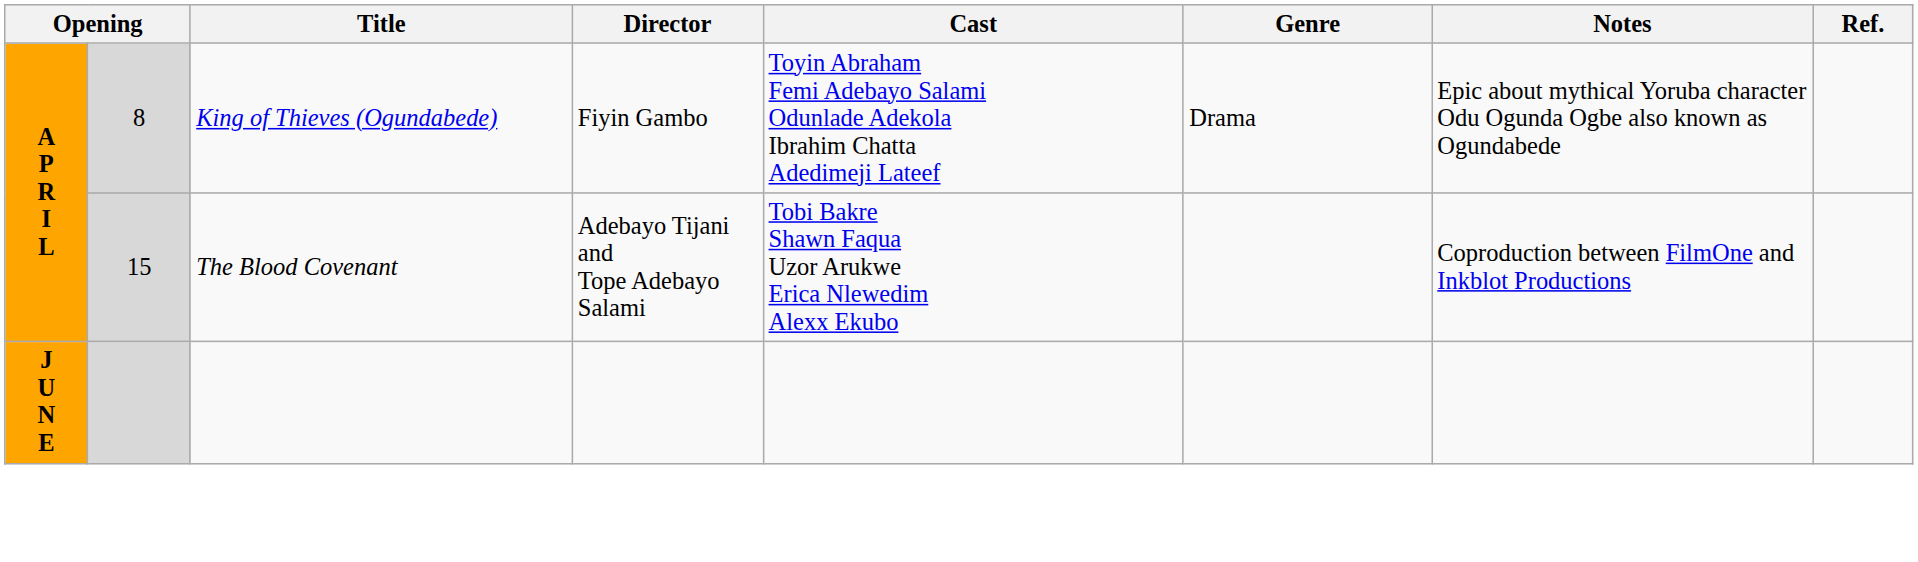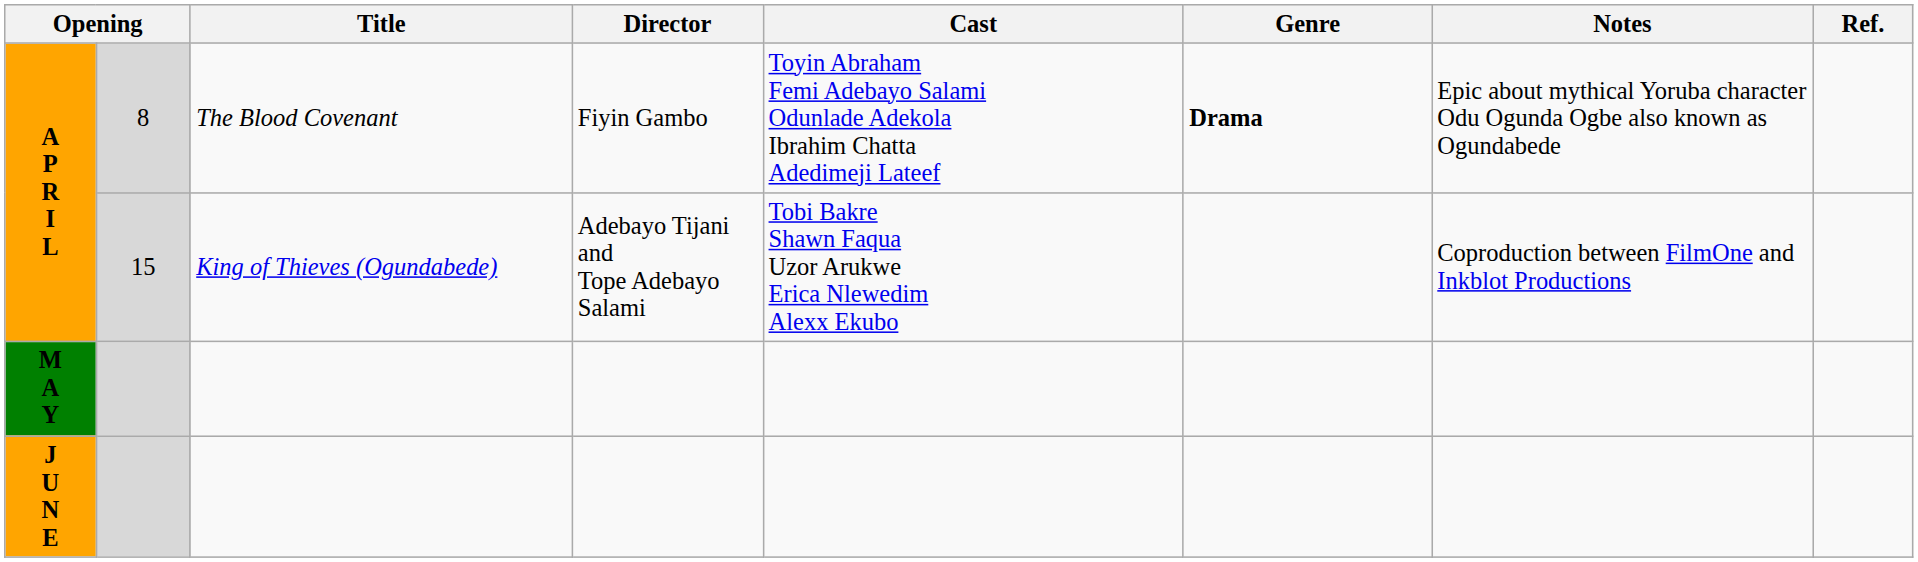 <table class="wikitable">
 <tr>
 <th colspan="2">Opening</th>
 <th style="width:20%;">Title</th>
 <th style="width:10%;">Director</th>
 <th>Cast</th>
 <th style="width:13%">Genre</th>
 <th style="width:20%">Notes</th>
 <th>Ref.</th>
 </tr>
 <tr>
 <td rowspan="2" style="text-align:center; background:orange; textcolor:#000;"><strong>A<br>P<br>R<br>I<br>L<br></strong></td>
 <td rowspan="1" style="text-align:center; background:#d8d8d8; textcolor:#000;">8</td>
-<td><em><a href='#'>King of Thieves (Ogundabede)</a></em></td>
+<td><em>The Blood Covenant</em></td>
 <td>Fiyin Gambo</td>
 <td><a href='#'>Toyin Abraham</a><br><a href='#'>Femi Adebayo Salami</a><br><a href='#'>Odunlade Adekola</a><br>Ibrahim Chatta<br><a href='#'>Adedimeji Lateef</a></td>
-<td>Drama</td>
+<td><strong>Drama</strong></td>
 <td>Epic about mythical Yoruba character Odu Ogunda Ogbe also known as Ogundabede</td>
 <td></td>
 </tr>
 <tr>
 <td rowspan="1" style="text-align:center; background:#d8d8d8; textcolor:#000;">15</td>
-<td><em>The Blood Covenant</em></td>
+<td><em><a href='#'>King of Thieves (Ogundabede)</a></em></td>
 <td>Adebayo Tijani and<br>Tope Adebayo Salami</td>
 <td><a href='#'>Tobi Bakre</a><br><a href='#'>Shawn Faqua</a><br>Uzor Arukwe<br><a href='#'>Erica Nlewedim</a><br><a href='#'>Alexx Ekubo</a></td>
 <td></td>
 <td>Coproduction between <a href='#'>FilmOne</a> and <a href='#'>Inkblot Productions</a></td>
+<td></td>
+</tr>
+<tr>
+<td style="text-align:center; background:green; textcolor:#000;"><strong>M<br>A<br>Y<br></strong></td>
+<td style="text-align:center; background:#d8d8d8; textcolor:#000;"></td>
+<td></td>
+<td></td>
+<td></td>
+<td></td>
+<td></td>
 <td></td>
 </tr>
 <tr>
 <td style="text-align:center; background:orange; textcolor:#000;"><strong>J<br>U<br>N<br>E<br></strong></td>
 <td style="text-align:center; background:#d8d8d8; textcolor:#000;"></td>
 <td></td>
 <td></td>
 <td></td>
 <td></td>
 <td></td>
 <td></td>
 </tr>
 </table>
